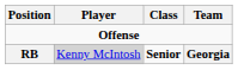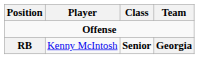 <table class="wikitable">
 <tr>
 <th>Position</th>
 <th>Player</th>
 <th>Class</th>
 <th>Team</th>
 </tr>
 <tr>
 <td colspan="4" style="text-align:center; "><strong>Offense</strong></td>
 </tr>
 <tr style="text-align:center;">
 <th rowspan="1">RB</th>
-<td style="background: lightgrey;"><a href='#'>Kenny McIntosh</a></td>
+<td><a href='#'>Kenny McIntosh</a></td>
 <td><strong>Senior</strong></td>
 <th style=>Georgia</th>
 </tr>
 </table>
